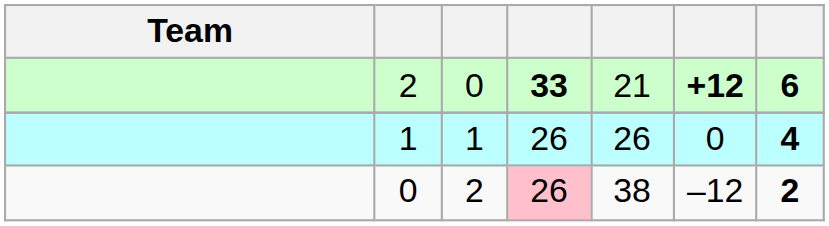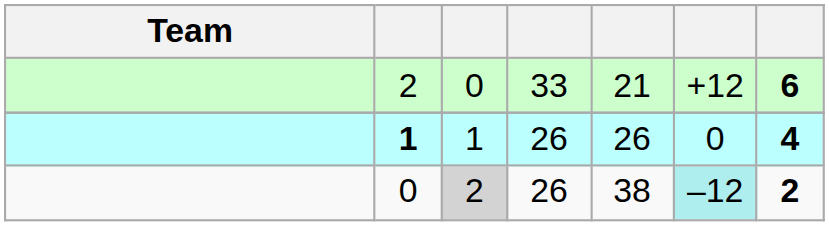 <table class="wikitable" style="text-align:center;">
 <tr>
 <th style="width:10.5em;">Team</th>
 <th style="width:1.5em;"></th>
 <th style="width:1.5em;"></th>
 <th style="width:2.0em;"></th>
 <th style="width:2.0em;"></th>
 <th style="width:2.0em;"></th>
 <th style="width:1.5em;"></th>
 </tr>
 <tr bgcolor=#cfc>
 <td align="left"></td>
 <td>2</td>
 <td>0</td>
-<td><strong>33</strong></td>
+<td>33</td>
 <td>21</td>
-<td><strong>+12</strong></td>
+<td>+12</td>
 <td><strong>6</strong></td>
 </tr>
 <tr>
 </tr>
 <tr bgcolor=#bff>
 <td align="left"></td>
-<td>1</td>
+<td><strong>1</strong></td>
 <td>1</td>
 <td>26</td>
 <td>26</td>
 <td>0</td>
 <td><strong>4</strong></td>
 </tr>
 <tr>
 <td align="left"></td>
 <td>0</td>
-<td>2</td>
-<td style="background: pink;">26</td>
+<td style="background: lightgrey;">2</td>
+<td>26</td>
 <td>38</td>
-<td>–12</td>
+<td style="background: paleturquoise;">–12</td>
 <td><strong>2</strong></td>
 </tr>
 </table>
